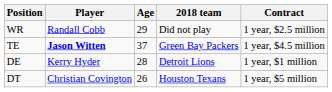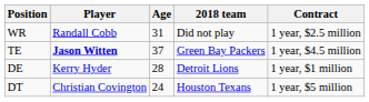 <table class="wikitable">
 <tr>
 <th>Position</th>
 <th>Player</th>
 <th>Age</th>
 <th>2018 team</th>
 <th>Contract</th>
 </tr>
 <tr>
 <td>WR</td>
 <td><a href='#'>Randall Cobb</a></td>
-<td>29</td>
+<td>31</td>
 <td>Did not play</td>
 <td>1 year, $2.5 million</td>
 </tr>
 <tr>
 <td>TE</td>
 <td><strong><a href='#'>Jason Witten</a></strong></td>
 <td>37</td>
 <td><a href='#'>Green Bay Packers</a></td>
 <td>1 year, $4.5 million</td>
 </tr>
 <tr>
 <td>DE</td>
 <td><a href='#'>Kerry Hyder</a></td>
 <td>28</td>
 <td><a href='#'>Detroit Lions</a></td>
 <td>1 year, $1 million</td>
 </tr>
 <tr>
 <td>DT</td>
 <td><a href='#'>Christian Covington</a></td>
-<td>26</td>
+<td>24</td>
 <td><a href='#'>Houston Texans</a></td>
 <td>1 year, $5 million</td>
 </tr>
 </table>
